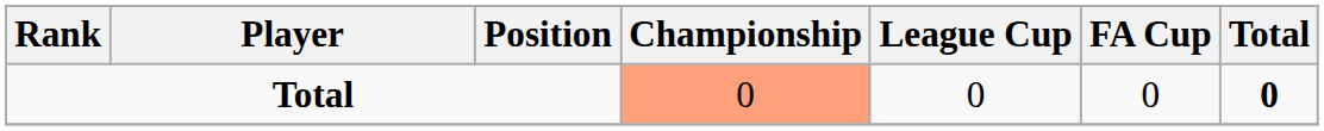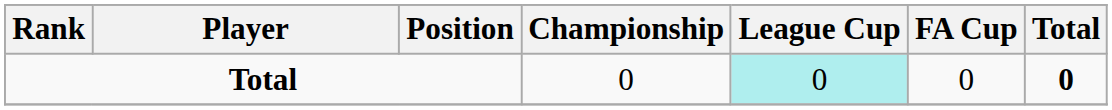 <table class="wikitable">
 <tr>
 <th>Rank</th>
 <th style="width:150px;">Player</th>
 <th>Position</th>
 <th>Championship</th>
 <th>League Cup</th>
 <th>FA Cup</th>
 <th>Total</th>
 </tr>
 <tr>
 <td colspan=3 align=center><strong>Total</strong></td>
-<td align=center style="background: lightsalmon;">0</td>
 <td align=center>0</td>
+<td align=center style="background: paleturquoise;">0</td>
 <td align=center>0</td>
 <td align=center><strong>0</strong></td>
 </tr>
 <tr>
 </tr>
 </table>
